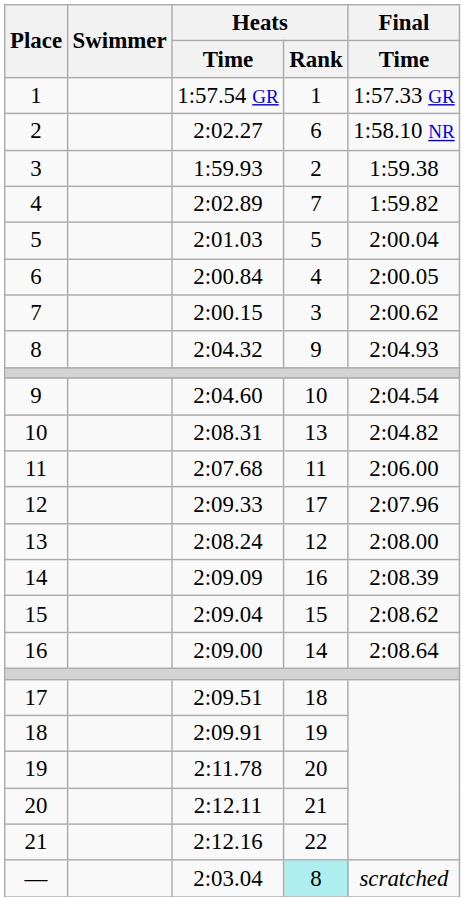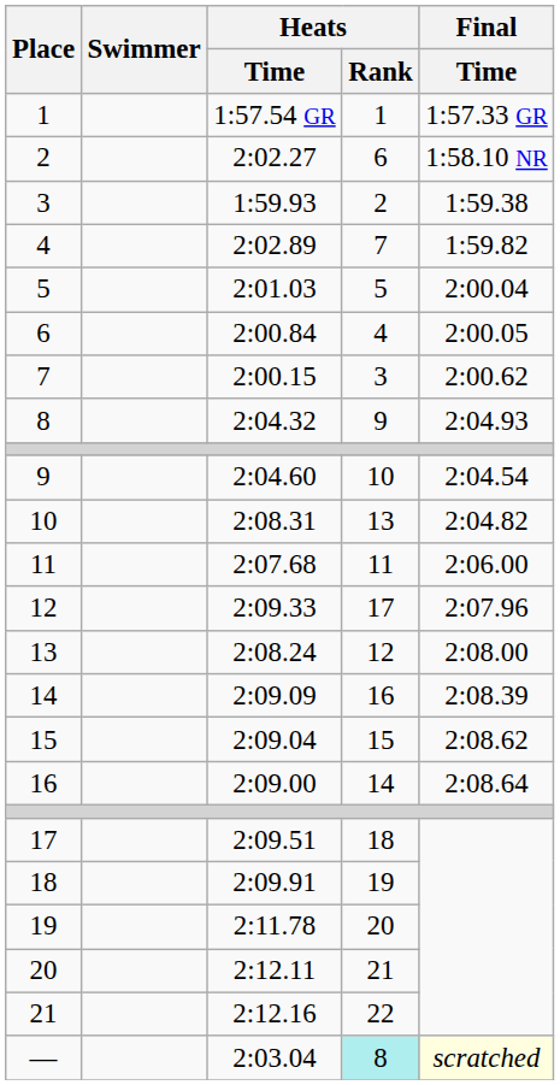 <table class="wikitable" style="text-align:center;">
 <tr>
 <th rowspan="2">Place</th>
 <th rowspan="2">Swimmer</th>
 <th colspan="2">Heats</th>
 <th>Final</th>
 </tr>
 <tr>
 <th>Time</th>
 <th>Rank</th>
 <th>Time</th>
 </tr>
 <tr>
 <td>1</td>
 <td align=left></td>
 <td>1:57.54 <small><a href='#'>GR</a></small></td>
 <td>1</td>
 <td>1:57.33 <small><a href='#'>GR</a></small></td>
 </tr>
 <tr>
 <td>2</td>
 <td align=left></td>
 <td>2:02.27</td>
 <td>6</td>
 <td>1:58.10 <small><a href='#'>NR</a></small></td>
 </tr>
 <tr>
 <td>3</td>
 <td align=left></td>
 <td>1:59.93</td>
 <td>2</td>
 <td>1:59.38</td>
 </tr>
 <tr>
 <td>4</td>
 <td align=left></td>
 <td>2:02.89</td>
 <td>7</td>
 <td>1:59.82</td>
 </tr>
 <tr>
 <td>5</td>
 <td align=left></td>
 <td>2:01.03</td>
 <td>5</td>
 <td>2:00.04</td>
 </tr>
 <tr>
 <td>6</td>
 <td align=left></td>
 <td>2:00.84</td>
 <td>4</td>
 <td>2:00.05</td>
 </tr>
 <tr>
 <td>7</td>
 <td align=left></td>
 <td>2:00.15</td>
 <td>3</td>
 <td>2:00.62</td>
 </tr>
 <tr>
 <td>8</td>
 <td align=left></td>
 <td>2:04.32</td>
 <td>9</td>
 <td>2:04.93</td>
 </tr>
 <tr>
 <td colspan=5 bgcolor=lightgray></td>
 </tr>
 <tr>
 <td>9</td>
 <td align=left></td>
 <td>2:04.60</td>
 <td>10</td>
 <td>2:04.54</td>
 </tr>
 <tr>
 <td>10</td>
 <td align=left></td>
 <td>2:08.31</td>
 <td>13</td>
 <td>2:04.82</td>
 </tr>
 <tr>
 <td>11</td>
 <td align=left></td>
 <td>2:07.68</td>
 <td>11</td>
 <td>2:06.00</td>
 </tr>
 <tr>
 <td>12</td>
 <td align=left></td>
 <td>2:09.33</td>
 <td>17</td>
 <td>2:07.96</td>
 </tr>
 <tr>
 <td>13</td>
 <td align=left></td>
 <td>2:08.24</td>
 <td>12</td>
 <td>2:08.00</td>
 </tr>
 <tr>
 <td>14</td>
 <td align=left></td>
 <td>2:09.09</td>
 <td>16</td>
 <td>2:08.39</td>
 </tr>
 <tr>
 <td>15</td>
 <td align=left></td>
 <td>2:09.04</td>
 <td>15</td>
 <td>2:08.62</td>
 </tr>
 <tr>
 <td>16</td>
 <td align=left></td>
 <td>2:09.00</td>
 <td>14</td>
 <td>2:08.64</td>
 </tr>
 <tr>
 <td colspan=5 bgcolor=lightgray></td>
 </tr>
 <tr>
 <td>17</td>
 <td align="left"></td>
 <td>2:09.51</td>
 <td>18</td>
 <td colspan="2" rowspan=5></td>
 </tr>
 <tr>
 <td>18</td>
 <td align="left"></td>
 <td>2:09.91</td>
 <td>19</td>
 </tr>
 <tr>
 <td>19</td>
 <td align="left"></td>
 <td>2:11.78</td>
 <td>20</td>
 </tr>
 <tr>
 <td>20</td>
 <td align="left"></td>
 <td>2:12.11</td>
 <td>21</td>
 </tr>
 <tr>
 <td>21</td>
 <td align="left"></td>
 <td>2:12.16</td>
 <td>22</td>
 </tr>
 <tr>
 <td>—</td>
 <td align=left></td>
 <td>2:03.04</td>
 <td style="background: paleturquoise;">8</td>
-<td><em>scratched</em></td>
+<td style="background: lightyellow;"><em>scratched</em></td>
 </tr>
 </table>
